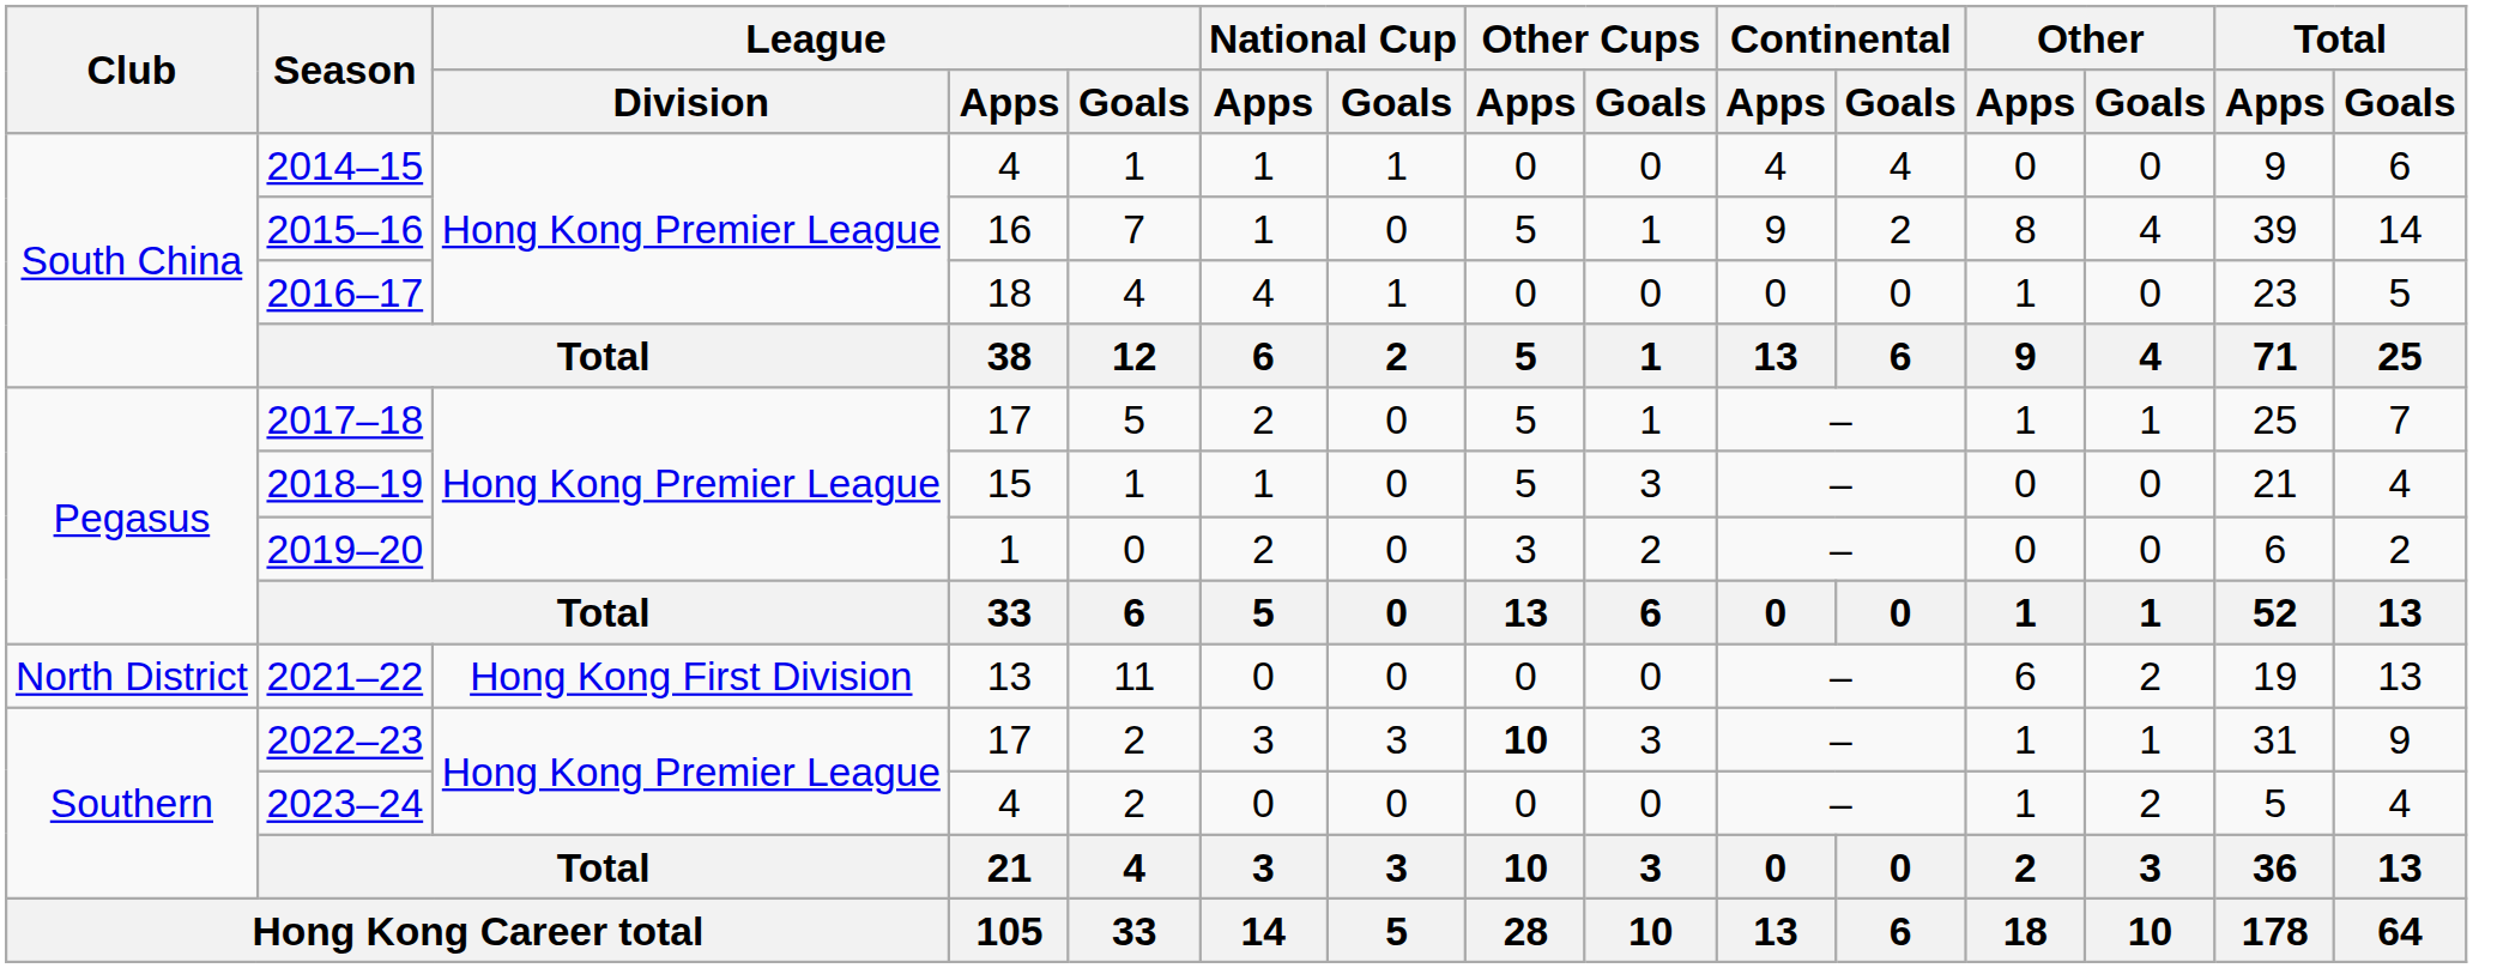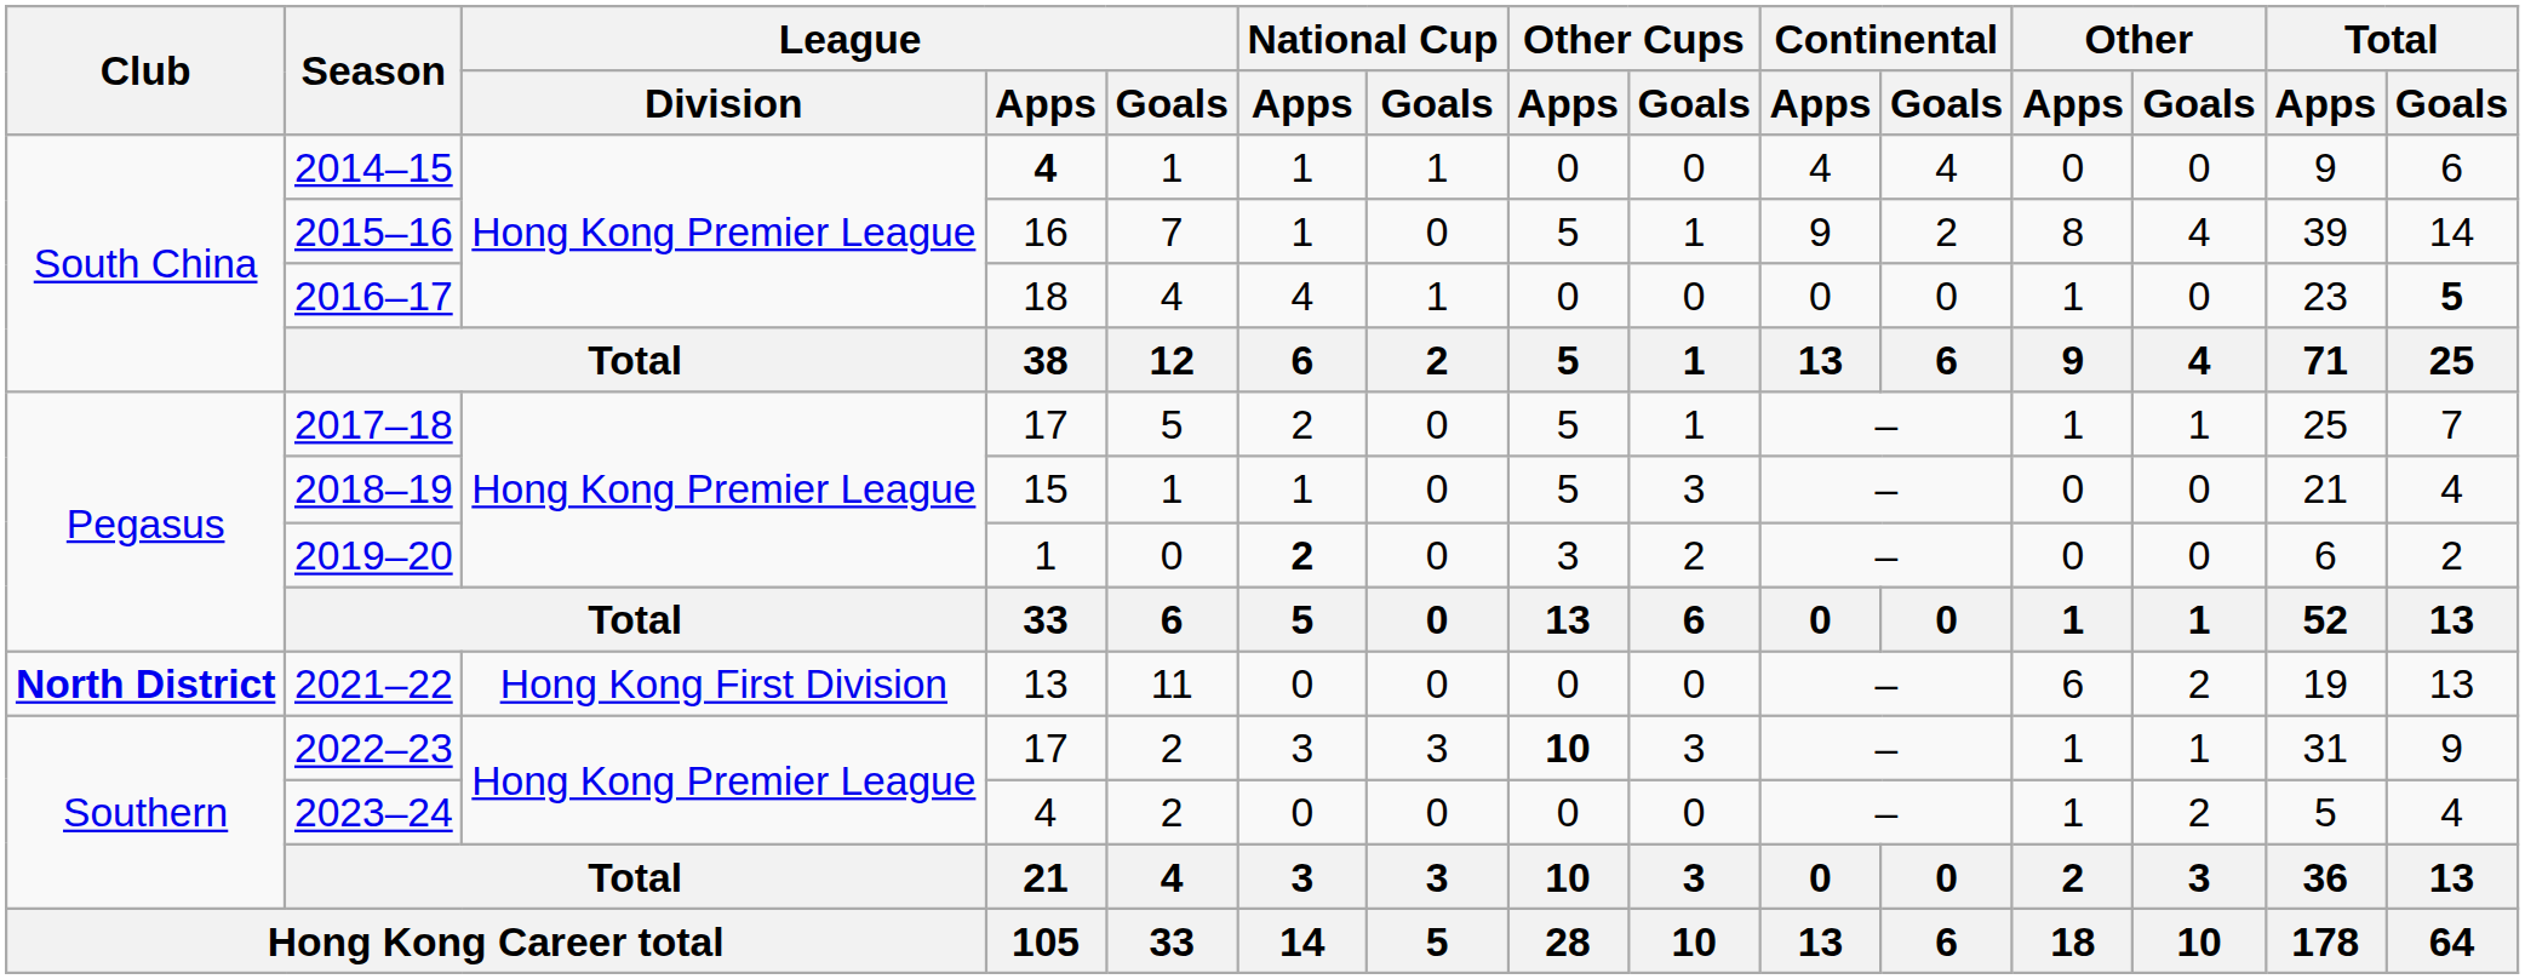 <table class="wikitable" style="font-size:95%; text-align: center">
 <tr>
 <th rowspan="2">Club</th>
 <th rowspan="2">Season</th>
 <th colspan="3">League</th>
 <th colspan="2">National Cup</th>
 <th colspan="2">Other Cups</th>
 <th colspan="2">Continental</th>
 <th colspan="2">Other</th>
 <th colspan="2">Total</th>
 </tr>
 <tr>
 <th>Division</th>
 <th>Apps</th>
 <th>Goals</th>
 <th>Apps</th>
 <th>Goals</th>
 <th>Apps</th>
 <th>Goals</th>
 <th>Apps</th>
 <th>Goals</th>
 <th>Apps</th>
 <th>Goals</th>
 <th>Apps</th>
 <th>Goals</th>
 </tr>
 <tr>
 <td rowspan="4"><a href='#'>South China</a></td>
 <td><a href='#'>2014–15</a></td>
 <td rowspan="3"><a href='#'>Hong Kong Premier League</a></td>
-<td>4</td>
+<td><strong>4</strong></td>
 <td>1</td>
 <td>1</td>
 <td>1</td>
 <td>0</td>
 <td>0</td>
 <td>4</td>
 <td>4</td>
 <td>0</td>
 <td>0</td>
 <td>9</td>
 <td>6</td>
 </tr>
 <tr>
 <td><a href='#'>2015–16</a></td>
 <td>16</td>
 <td>7</td>
 <td>1</td>
 <td>0</td>
 <td>5</td>
 <td>1</td>
 <td>9</td>
 <td>2</td>
 <td>8</td>
 <td>4</td>
 <td>39</td>
 <td>14</td>
 </tr>
 <tr>
 <td><a href='#'>2016–17</a></td>
 <td>18</td>
 <td>4</td>
 <td>4</td>
 <td>1</td>
 <td>0</td>
 <td>0</td>
 <td>0</td>
 <td>0</td>
 <td>1</td>
 <td>0</td>
 <td>23</td>
-<td>5</td>
+<td><strong>5</strong></td>
 </tr>
 <tr>
 <th colspan=2>Total</th>
 <th>38</th>
 <th>12</th>
 <th>6</th>
 <th>2</th>
 <th>5</th>
 <th>1</th>
 <th>13</th>
 <th>6</th>
 <th>9</th>
 <th>4</th>
 <th>71</th>
 <th>25</th>
 </tr>
 <tr>
 <td rowspan="4"><a href='#'>Pegasus</a></td>
 <td><a href='#'>2017–18</a></td>
 <td rowspan="3"><a href='#'>Hong Kong Premier League</a></td>
 <td>17</td>
 <td>5</td>
 <td>2</td>
 <td>0</td>
 <td>5</td>
 <td>1</td>
 <td colspan=2>–</td>
 <td>1</td>
 <td>1</td>
 <td>25</td>
 <td>7</td>
 </tr>
 <tr>
 <td><a href='#'>2018–19</a></td>
 <td>15</td>
 <td>1</td>
 <td>1</td>
 <td>0</td>
 <td>5</td>
 <td>3</td>
 <td colspan=2>–</td>
 <td>0</td>
 <td>0</td>
 <td>21</td>
 <td>4</td>
 </tr>
 <tr>
 <td><a href='#'>2019–20</a></td>
 <td>1</td>
 <td>0</td>
-<td>2</td>
+<td><strong>2</strong></td>
 <td>0</td>
 <td>3</td>
 <td>2</td>
 <td colspan=2>–</td>
 <td>0</td>
 <td>0</td>
 <td>6</td>
 <td>2</td>
 </tr>
 <tr>
 <th colspan=2>Total</th>
 <th>33</th>
 <th>6</th>
 <th>5</th>
 <th>0</th>
 <th>13</th>
 <th>6</th>
 <th>0</th>
 <th>0</th>
 <th>1</th>
 <th>1</th>
 <th>52</th>
 <th>13</th>
 </tr>
 <tr>
-<td><a href='#'>North District</a></td>
+<td><strong><a href='#'>North District</a></strong></td>
 <td><a href='#'>2021–22</a></td>
 <td><a href='#'>Hong Kong First Division</a></td>
 <td>13</td>
 <td>11</td>
 <td>0</td>
 <td>0</td>
 <td>0</td>
 <td>0</td>
 <td colspan=2>–</td>
 <td>6</td>
 <td>2</td>
 <td>19</td>
 <td>13</td>
 </tr>
 <tr>
 <td rowspan="3"><a href='#'>Southern</a></td>
 <td><a href='#'>2022–23</a></td>
 <td rowspan="2"><a href='#'>Hong Kong Premier League</a></td>
 <td>17</td>
 <td>2</td>
 <td>3</td>
 <td>3</td>
 <td><strong>10</strong></td>
 <td>3</td>
 <td colspan=2>–</td>
 <td>1</td>
 <td>1</td>
 <td>31</td>
 <td>9</td>
 </tr>
 <tr>
 <td><a href='#'>2023–24</a></td>
 <td>4</td>
 <td>2</td>
 <td>0</td>
 <td>0</td>
 <td>0</td>
 <td>0</td>
 <td colspan=2>–</td>
 <td>1</td>
 <td>2</td>
 <td>5</td>
 <td>4</td>
 </tr>
 <tr>
 <th colspan=2>Total</th>
 <th>21</th>
 <th>4</th>
 <th>3</th>
 <th>3</th>
 <th>10</th>
 <th>3</th>
 <th>0</th>
 <th>0</th>
 <th>2</th>
 <th>3</th>
 <th>36</th>
 <th>13</th>
 </tr>
 <tr>
 <th colspan=3>Hong Kong Career total</th>
 <th>105</th>
 <th>33</th>
 <th>14</th>
 <th>5</th>
 <th>28</th>
 <th>10</th>
 <th>13</th>
 <th>6</th>
 <th>18</th>
 <th>10</th>
 <th>178</th>
 <th>64</th>
 </tr>
 </table>
